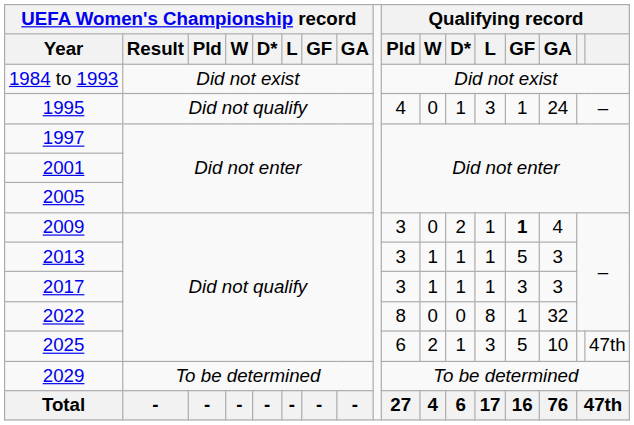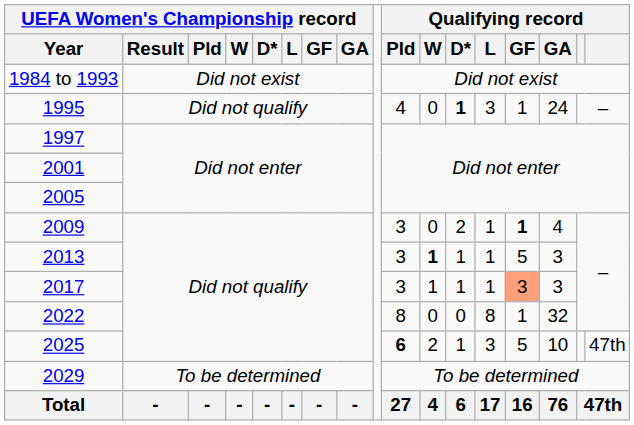 <table class="wikitable" style="text-align: center;">
 <tr>
 <th colspan=8><a href='#'>UEFA Women's Championship</a> record</th>
 <td rowspan=100></td>
 <th colspan=8>Qualifying record</th>
 </tr>
 <tr>
 <th>Year</th>
 <th>Result</th>
 <th>Pld</th>
 <th>W</th>
 <th>D*</th>
 <th>L</th>
 <th>GF</th>
 <th>GA<br></th>
 <th>Pld</th>
 <th>W</th>
 <th>D*</th>
 <th>L</th>
 <th>GF</th>
 <th>GA</th>
 <th></th>
 <th></th>
 </tr>
 <tr>
 <td><a href='#'>1984</a> to  <a href='#'>1993</a></td>
 <td colspan=7><em>Did not exist</em></td>
 <td colspan=8><em>Did not exist</em></td>
 </tr>
 <tr>
 <td> <a href='#'>1995</a></td>
 <td colspan=7><em>Did not qualify</em></td>
 <td>4</td>
 <td>0</td>
-<td>1</td>
+<td><strong>1</strong></td>
 <td>3</td>
 <td>1</td>
 <td>24</td>
 <td colspan=2>–</td>
 </tr>
 <tr>
 <td> <a href='#'>1997</a></td>
 <td colspan=7 rowspan=3><em>Did not enter</em></td>
 <td colspan=8 rowspan=3><em>Did not enter</em></td>
 </tr>
 <tr>
 <td> <a href='#'>2001</a></td>
 </tr>
 <tr>
 <td> <a href='#'>2005</a></td>
 </tr>
 <tr>
 <td> <a href='#'>2009</a></td>
 <td colspan=7 rowspan=5><em>Did not qualify</em></td>
 <td>3</td>
 <td>0</td>
 <td>2</td>
 <td>1</td>
 <td><strong>1</strong></td>
 <td>4</td>
 <td colspan=2 rowspan=4>–</td>
 </tr>
 <tr>
 <td> <a href='#'>2013</a></td>
 <td>3</td>
-<td>1</td>
+<td><strong>1</strong></td>
 <td>1</td>
 <td>1</td>
 <td>5</td>
 <td>3</td>
 </tr>
 <tr>
 <td> <a href='#'>2017</a></td>
 <td>3</td>
 <td>1</td>
 <td>1</td>
 <td>1</td>
-<td>3</td>
+<td style="background: lightsalmon;">3</td>
 <td>3</td>
 </tr>
 <tr>
 <td> <a href='#'>2022</a></td>
 <td>8</td>
 <td>0</td>
 <td>0</td>
 <td>8</td>
 <td>1</td>
 <td>32</td>
 </tr>
 <tr>
 <td> <a href='#'>2025</a></td>
-<td>6</td>
+<td><strong>6</strong></td>
 <td>2</td>
 <td>1</td>
 <td>3</td>
 <td>5</td>
 <td>10</td>
 <td></td>
 <td>47th</td>
 </tr>
 <tr>
 <td><a href='#'>2029</a></td>
 <td colspan=7><em>To be determined</em></td>
 <td colspan=8><em>To be determined</em></td>
 </tr>
 <tr>
 <th>Total</th>
 <th>-</th>
 <th>-</th>
 <th>-</th>
 <th>-</th>
 <th>-</th>
 <th>-</th>
 <th>-</th>
 <th>27</th>
 <th>4</th>
 <th>6</th>
 <th>17</th>
 <th>16</th>
 <th>76</th>
 <th colspan=2>47th</th>
 </tr>
 </table>
